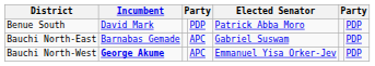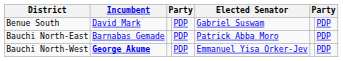 <table class="sortable wikitable" style="font-size:95%;line-height:14px;">
 <tr>
 <th class="unsortable">District</th>
 <th class="unsortable"><a href='#'>Incumbent</a></th>
 <th colspan="2">Party</th>
 <th class="unsortable">Elected Senator</th>
 <th colspan="2">Party</th>
 </tr>
 <tr>
 <td>Benue South</td>
 <td><a href='#'>David Mark</a></td>
 <td style="background:"></td>
 <td><a href='#'>PDP</a></td>
-<td><a href='#'>Patrick Abba Moro</a></td>
+<td><a href='#'>Gabriel Suswam</a></td>
 <td style="background:"></td>
 <td><a href='#'>PDP</a></td>
 </tr>
 <tr>
 <td>Bauchi North-East</td>
 <td><a href='#'>Barnabas Gemade</a></td>
 <td style="background:"></td>
-<td><a href='#'>APC</a></td>
-<td><a href='#'>Gabriel Suswam</a></td>
+<td><a href='#'>PDP</a></td>
+<td><a href='#'>Patrick Abba Moro</a></td>
 <td style="background:"></td>
 <td><a href='#'>PDP</a></td>
 </tr>
 <tr>
 <td>Bauchi North-West</td>
 <td><strong><a href='#'>George Akume</a></strong></td>
 <td style="background:"></td>
-<td><a href='#'>APC</a></td>
+<td><a href='#'>PDP</a></td>
 <td><a href='#'>Emmanuel Yisa Orker-Jev</a></td>
 <td style="background:"></td>
 <td><a href='#'>PDP</a></td>
 </tr>
 </table>
